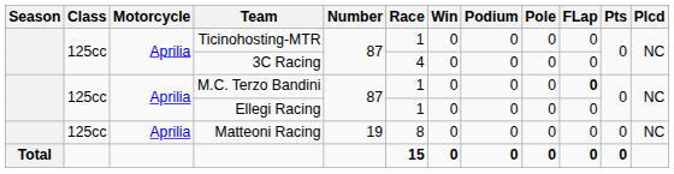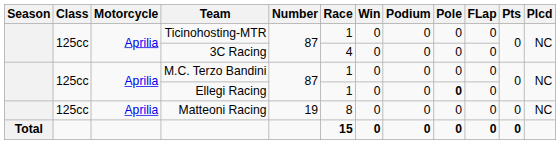 <table class="wikitable">
 <tr>
 <th>Season</th>
 <th>Class</th>
 <th>Motorcycle</th>
 <th>Team</th>
 <th>Number</th>
 <th>Race</th>
 <th>Win</th>
 <th>Podium</th>
 <th>Pole</th>
 <th>FLap</th>
 <th>Pts</th>
 <th>Plcd</th>
 </tr>
 <tr align="right">
 <th rowspan=2></th>
 <td rowspan=2>125cc</td>
 <td rowspan=2><a href='#'>Aprilia</a></td>
 <td>Ticinohosting-MTR</td>
 <td rowspan=2>87</td>
 <td>1</td>
 <td>0</td>
 <td>0</td>
 <td>0</td>
 <td>0</td>
 <td rowspan=2>0</td>
 <td rowspan=2>NC</td>
 </tr>
 <tr align="right">
 <td>3C Racing</td>
 <td>4</td>
 <td>0</td>
 <td>0</td>
 <td>0</td>
 <td>0</td>
 </tr>
 <tr align="right">
 <th rowspan=2></th>
 <td rowspan=2>125cc</td>
 <td rowspan=2><a href='#'>Aprilia</a></td>
 <td>M.C. Terzo Bandini</td>
 <td rowspan=2>87</td>
 <td>1</td>
 <td>0</td>
 <td>0</td>
 <td>0</td>
-<td><strong>0</strong></td>
+<td>0</td>
 <td rowspan=2>0</td>
 <td rowspan=2>NC</td>
 </tr>
 <tr align="right">
 <td>Ellegi Racing</td>
 <td>1</td>
 <td>0</td>
 <td>0</td>
-<td>0</td>
+<td><strong>0</strong></td>
 <td>0</td>
 </tr>
 <tr align="right">
 <th></th>
 <td>125cc</td>
 <td><a href='#'>Aprilia</a></td>
 <td>Matteoni Racing</td>
 <td>19</td>
 <td>8</td>
 <td>0</td>
 <td>0</td>
 <td>0</td>
 <td>0</td>
 <td>0</td>
 <td>NC</td>
 </tr>
 <tr align="right">
 <th>Total</th>
 <td></td>
 <td></td>
 <td></td>
 <td></td>
 <td><strong>15</strong></td>
 <td><strong>0</strong></td>
 <td><strong>0</strong></td>
 <td><strong>0</strong></td>
 <td><strong>0</strong></td>
 <td><strong>0</strong></td>
 <td></td>
 </tr>
 </table>
